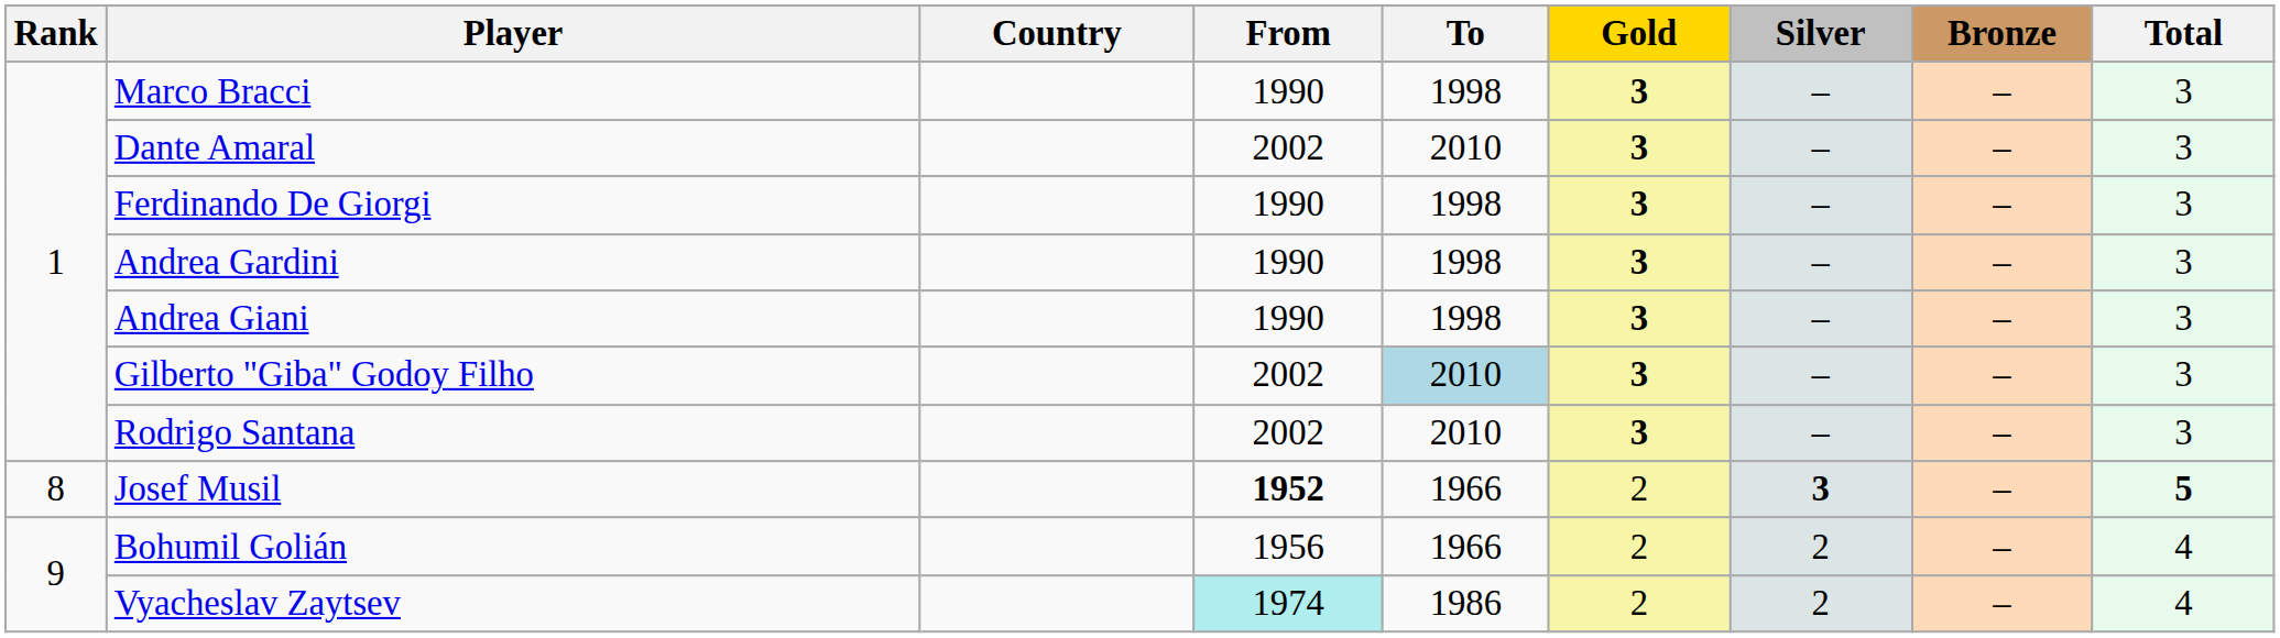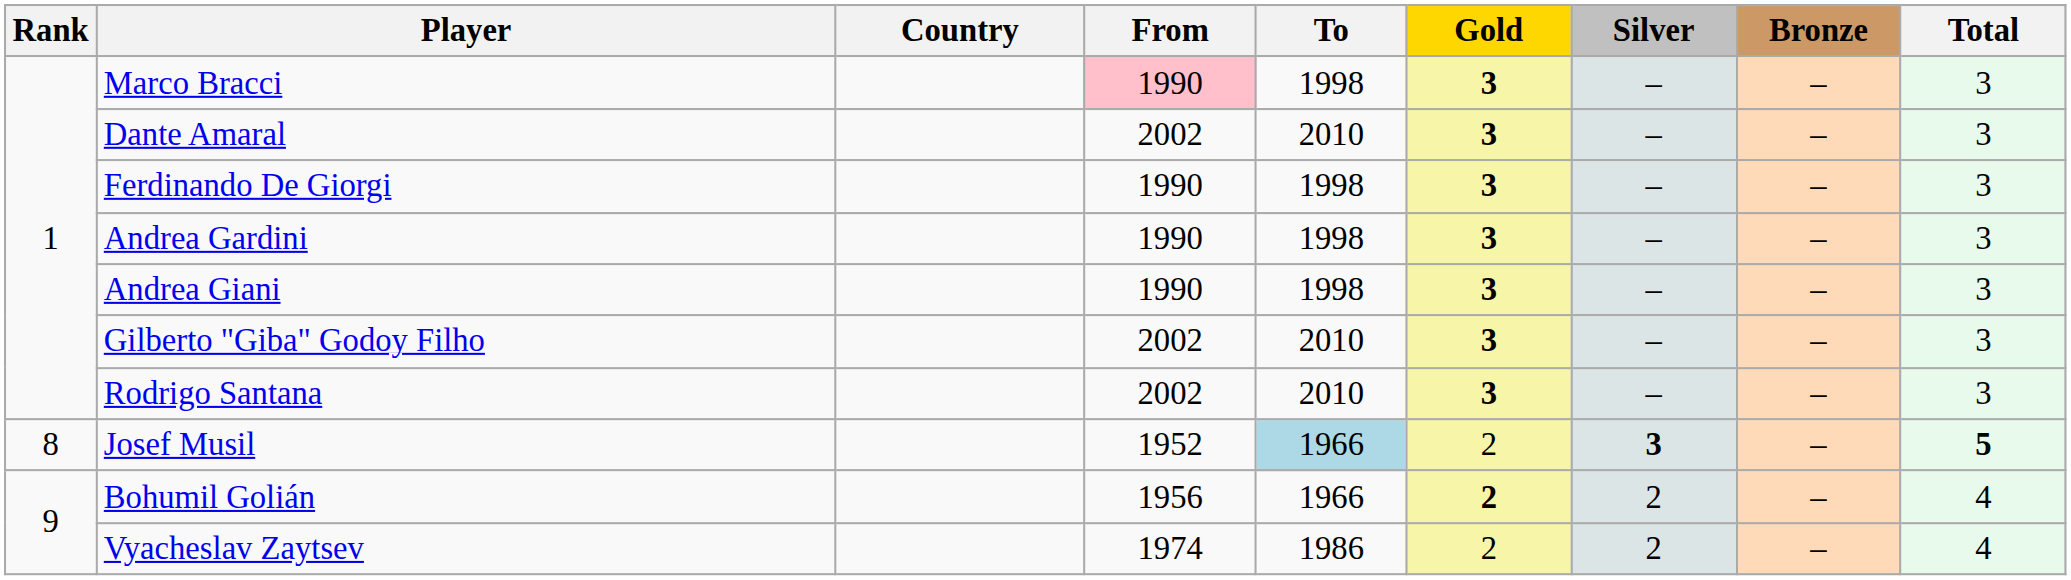 <table class="wikitable plainrowheaders" width=80% style="text-align:center;">
 <tr style="background-color:#EDEDED;">
 <th class="hintergrundfarbe5" style="width:1em">Rank</th>
 <th class="hintergrundfarbe5">Player</th>
 <th class="hintergrundfarbe5">Country</th>
 <th class="hintergrundfarbe5">From</th>
 <th class="hintergrundfarbe5">To</th>
 <th style="background:    gold; width:8%">Gold</th>
 <th style="background:  silver; width:8%">Silver</th>
 <th style="background: #CC9966; width:8%">Bronze</th>
 <th class="hintergrundfarbe5" style="width:8%">Total</th>
 </tr>
 <tr>
 <td rowspan="7">1</td>
 <td align="left"><a href='#'>Marco Bracci</a></td>
 <td align="left"></td>
-<td>1990</td>
+<td style="background: pink;">1990</td>
 <td>1998</td>
 <td bgcolor="#F7F6A8"><strong>3</strong></td>
 <td bgcolor="#DCE5E5">–</td>
 <td bgcolor="#FFDAB9">–</td>
 <td bgcolor="#E7FAEC">3</td>
 </tr>
 <tr align="center">
 <td align="left"><a href='#'>Dante Amaral</a></td>
 <td align="left"></td>
 <td>2002</td>
 <td>2010</td>
 <td bgcolor="#F7F6A8"><strong>3</strong></td>
 <td bgcolor="#DCE5E5">–</td>
 <td bgcolor="#FFDAB9">–</td>
 <td bgcolor="#E7FAEC">3</td>
 </tr>
 <tr align="center">
 <td align="left"><a href='#'>Ferdinando De Giorgi</a></td>
 <td align="left"></td>
 <td>1990</td>
 <td>1998</td>
 <td bgcolor="#F7F6A8"><strong>3</strong></td>
 <td bgcolor="#DCE5E5">–</td>
 <td bgcolor="#FFDAB9">–</td>
 <td bgcolor="#E7FAEC">3</td>
 </tr>
 <tr align="center">
 <td align="left"><a href='#'>Andrea Gardini</a></td>
 <td align="left"></td>
 <td>1990</td>
 <td>1998</td>
 <td bgcolor="#F7F6A8"><strong>3</strong></td>
 <td bgcolor="#DCE5E5">–</td>
 <td bgcolor="#FFDAB9">–</td>
 <td bgcolor="#E7FAEC">3</td>
 </tr>
 <tr align="center">
 <td align="left"><a href='#'>Andrea Giani</a></td>
 <td align="left"></td>
 <td>1990</td>
 <td>1998</td>
 <td bgcolor="#F7F6A8"><strong>3</strong></td>
 <td bgcolor="#DCE5E5">–</td>
 <td bgcolor="#FFDAB9">–</td>
 <td bgcolor="#E7FAEC">3</td>
 </tr>
 <tr align="center">
 <td align="left"><a href='#'>Gilberto "Giba" Godoy Filho</a></td>
 <td align="left"></td>
 <td>2002</td>
-<td style="background: lightblue;">2010</td>
+<td>2010</td>
 <td bgcolor="#F7F6A8"><strong>3</strong></td>
 <td bgcolor="#DCE5E5">–</td>
 <td bgcolor="#FFDAB9">–</td>
 <td bgcolor="#E7FAEC">3</td>
 </tr>
 <tr align="center">
 <td align="left"><a href='#'>Rodrigo Santana</a></td>
 <td align="left"></td>
 <td>2002</td>
 <td>2010</td>
 <td bgcolor="#F7F6A8"><strong>3</strong></td>
 <td bgcolor="#DCE5E5">–</td>
 <td bgcolor="#FFDAB9">–</td>
 <td bgcolor="#E7FAEC">3</td>
 </tr>
 <tr align="center">
 <td>8</td>
 <td align="left"><a href='#'>Josef Musil</a></td>
 <td align="left"></td>
-<td><strong>1952</strong></td>
-<td>1966</td>
+<td>1952</td>
+<td style="background: lightblue;">1966</td>
 <td bgcolor="#F7F6A8">2</td>
 <td bgcolor="#DCE5E5"><strong>3</strong></td>
 <td bgcolor="#FFDAB9">–</td>
 <td bgcolor="#E7FAEC"><strong>5</strong></td>
 </tr>
 <tr align="center">
 <td rowspan="2">9</td>
 <td align="left"><a href='#'>Bohumil Golián</a></td>
 <td align="left"></td>
 <td>1956</td>
 <td>1966</td>
-<td bgcolor="#F7F6A8">2</td>
+<td bgcolor="#F7F6A8"><strong>2</strong></td>
 <td bgcolor="#DCE5E5">2</td>
 <td bgcolor="#FFDAB9">–</td>
 <td bgcolor="#E7FAEC">4</td>
 </tr>
 <tr align="center">
 <td align="left"><a href='#'>Vyacheslav Zaytsev</a></td>
 <td align="left"></td>
-<td style="background: paleturquoise;">1974</td>
+<td>1974</td>
 <td>1986</td>
 <td bgcolor="#F7F6A8">2</td>
 <td bgcolor="#DCE5E5">2</td>
 <td bgcolor="#FFDAB9">–</td>
 <td bgcolor="#E7FAEC">4</td>
 </tr>
 </table>
